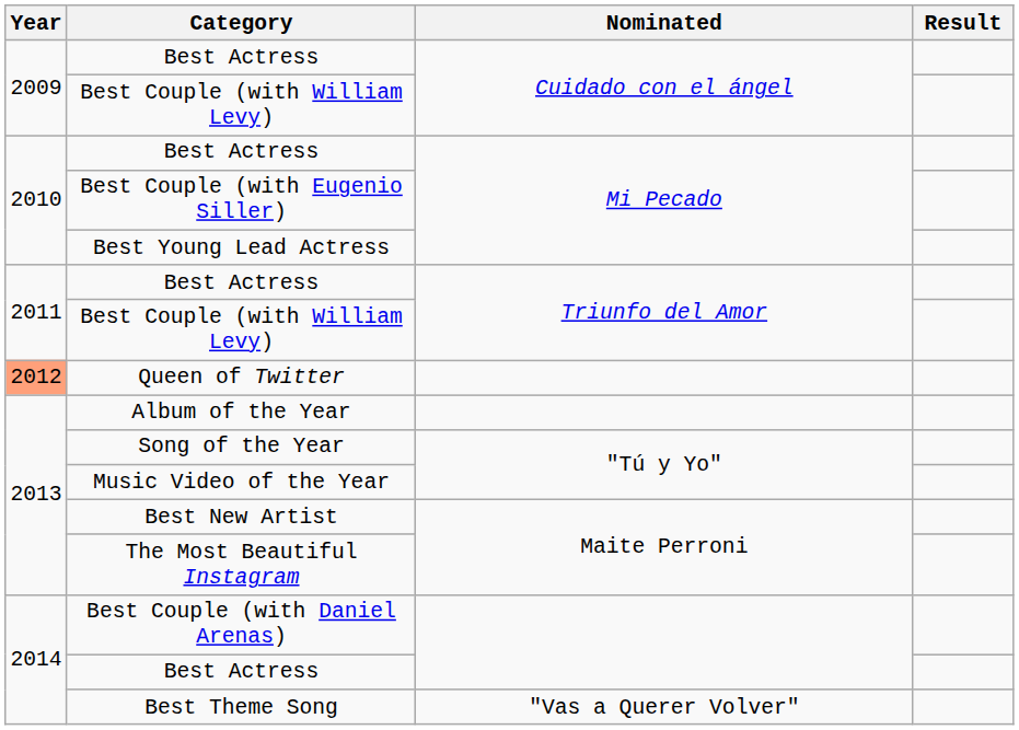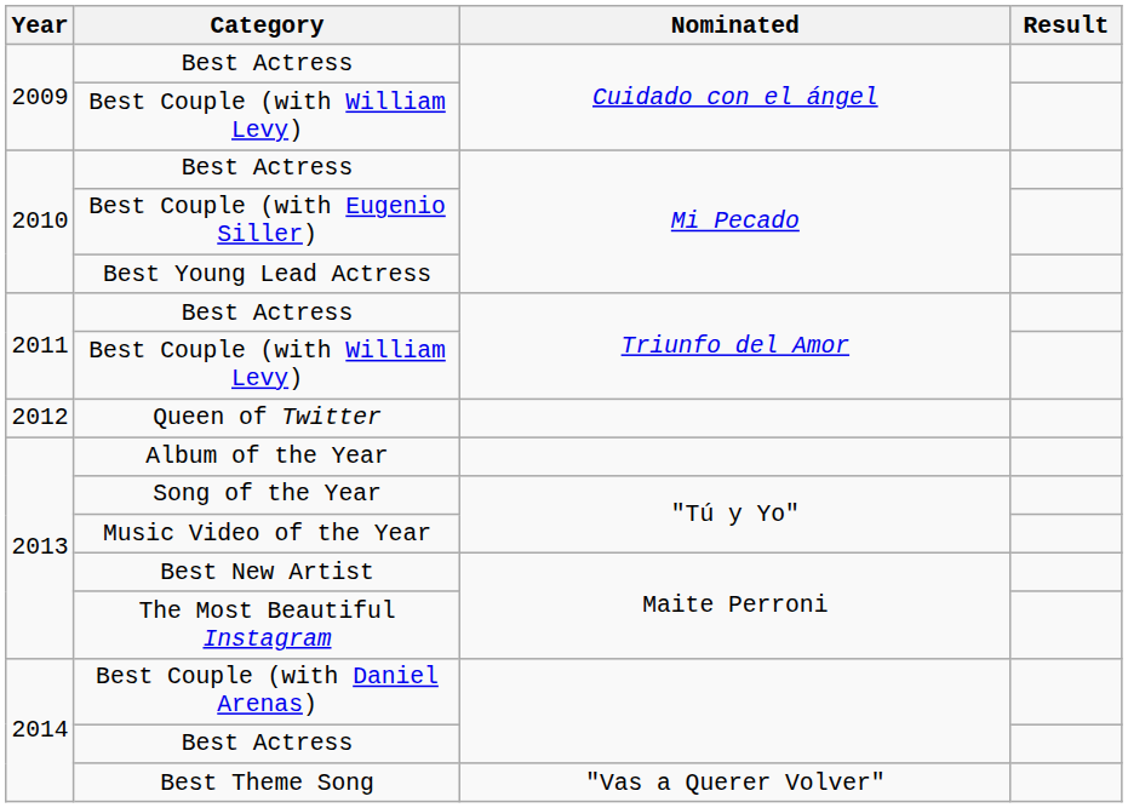 <table class="wikitable" style="table-layout: fixed;">
 <tr>
 <th width="5%">Year</th>
 <th width="35%">Category</th>
 <th width="50%">Nominated</th>
 <th width="10%">Result</th>
 </tr>
 <tr style="text-align: center; top">
 <td rowspan=2>2009</td>
 <td>Best Actress</td>
 <td rowspan=2 style="text-align:center;"><em><a href='#'>Cuidado con el ángel</a></em></td>
 <td></td>
 </tr>
 <tr style="text-align: center; top">
 <td>Best Couple (with <a href='#'>William Levy</a>)</td>
 <td></td>
 </tr>
 <tr style="text-align: center; top">
 <td rowspan=3>2010</td>
 <td>Best Actress</td>
 <td rowspan=3 style="text-align:center;"><em><a href='#'>Mi Pecado</a></em></td>
 <td></td>
 </tr>
 <tr style="text-align: center; top">
 <td>Best Couple (with <a href='#'>Eugenio Siller</a>)</td>
 <td></td>
 </tr>
 <tr style="text-align: center; top">
 <td>Best Young Lead Actress</td>
 <td></td>
 </tr>
 <tr style="text-align: center; top">
 <td rowspan=2>2011</td>
 <td>Best Actress</td>
 <td rowspan=2 style="text-align:center;"><em><a href='#'>Triunfo del Amor</a></em></td>
 <td></td>
 </tr>
 <tr style="text-align: center; top">
 <td>Best Couple (with <a href='#'>William Levy</a>)</td>
 <td></td>
 </tr>
 <tr style="text-align: center; top">
-<td style="background: lightsalmon;">2012</td>
+<td>2012</td>
 <td>Queen of <em>Twitter</em></td>
 <td></td>
 <td></td>
 </tr>
 <tr style="text-align: center; top">
 <td rowspan=5>2013</td>
 <td>Album of the Year</td>
 <td></td>
 <td></td>
 </tr>
 <tr style="text-align: center; top">
 <td>Song of the Year</td>
 <td rowspan=2 style="text-align:center;">"Tú y Yo"</td>
 <td></td>
 </tr>
 <tr style="text-align: center; top">
 <td>Music Video of the Year</td>
 <td></td>
 </tr>
 <tr style="text-align: center; top">
 <td>Best New Artist</td>
 <td rowspan=2 style="text-align:center;">Maite Perroni</td>
 <td></td>
 </tr>
 <tr style="text-align: center; top">
 <td>The Most Beautiful <em><a href='#'>Instagram</a></em></td>
 <td></td>
 </tr>
 <tr style="text-align: center; top">
 <td rowspan=6>2014</td>
 <td>Best Couple (with <a href='#'>Daniel Arenas</a>)</td>
 <td rowspan=2></td>
 <td></td>
 </tr>
 <tr style="text-align: center; top">
 <td>Best Actress</td>
 <td></td>
 </tr>
 <tr style="text-align: center; top">
 <td>Best Theme Song</td>
 <td rowspan=1 style="text-align:center;">"Vas a Querer Volver"</td>
 <td></td>
 </tr>
 </table>
